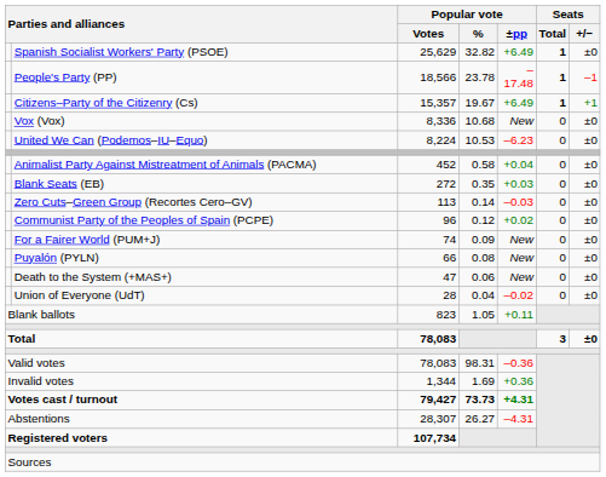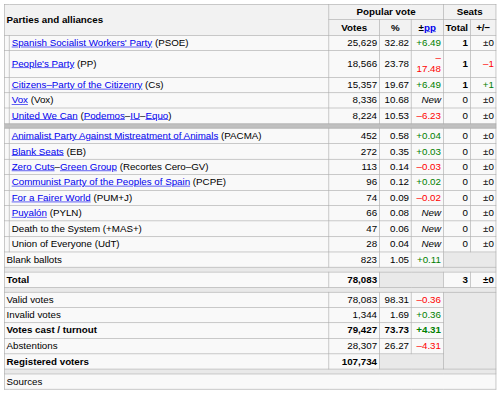 <table class="wikitable" style="text-align:right;">
 <tr>
 <th style="text-align:left;" rowspan="2" colspan="2" width="525">Parties and alliances</th>
 <th colspan="3">Popular vote</th>
 <th colspan="2">Seats</th>
 </tr>
 <tr>
 <th width="75">Votes</th>
 <th width="45">%</th>
 <th width="45">±<a href='#'>pp</a></th>
 <th width="35">Total</th>
 <th width="35">+/−</th>
 </tr>
 <tr>
 <td width="1" style="color:inherit;background:"></td>
 <td align="left"><a href='#'>Spanish Socialist Workers' Party</a> (PSOE)</td>
 <td>25,629</td>
 <td>32.82</td>
 <td style="color:green;">+6.49</td>
 <td><strong>1</strong></td>
 <td>±0</td>
 </tr>
 <tr>
 <td style="color:inherit;background:"></td>
 <td align="left"><a href='#'>People's Party</a> (PP)</td>
 <td>18,566</td>
 <td>23.78</td>
 <td style="color:red;">–17.48</td>
 <td><strong>1</strong></td>
 <td style="color:red;">–1</td>
 </tr>
 <tr>
 <td style="color:inherit;background:"></td>
 <td align="left"><a href='#'>Citizens–Party of the Citizenry</a> (Cs)</td>
 <td>15,357</td>
 <td>19.67</td>
 <td style="color:green;">+6.49</td>
 <td><strong>1</strong></td>
 <td style="color:green;">+1</td>
 </tr>
 <tr>
 <td style="color:inherit;background:"></td>
 <td align="left"><a href='#'>Vox</a> (Vox)</td>
 <td>8,336</td>
 <td>10.68</td>
 <td><em>New</em></td>
 <td>0</td>
 <td>±0</td>
 </tr>
 <tr>
 <td style="color:inherit;background:"></td>
 <td align="left"><a href='#'>United We Can</a> (<a href='#'>Podemos</a>–<a href='#'>IU</a>–<a href='#'>Equo</a>)</td>
 <td>8,224</td>
 <td>10.53</td>
 <td style="color:red;">–6.23</td>
 <td>0</td>
 <td>±0</td>
 </tr>
 <tr>
 <td colspan="7" bgcolor="#C0C0C0"></td>
 </tr>
 <tr>
 <td style="color:inherit;background:"></td>
 <td align="left"><a href='#'>Animalist Party Against Mistreatment of Animals</a> (PACMA)</td>
 <td>452</td>
 <td>0.58</td>
 <td style="color:green;">+0.04</td>
 <td>0</td>
 <td>±0</td>
 </tr>
 <tr>
 <td style="color:inherit;background:"></td>
 <td align="left"><a href='#'>Blank Seats</a> (EB)</td>
 <td>272</td>
 <td>0.35</td>
 <td style="color:green;">+0.03</td>
 <td>0</td>
 <td>±0</td>
 </tr>
 <tr>
 <td style="color:inherit;background:"></td>
 <td align="left"><a href='#'>Zero Cuts</a>–<a href='#'>Green Group</a> (Recortes Cero–GV)</td>
 <td>113</td>
 <td>0.14</td>
 <td style="color:red;">–0.03</td>
 <td>0</td>
 <td>±0</td>
 </tr>
 <tr>
 <td style="color:inherit;background:"></td>
 <td align="left"><a href='#'>Communist Party of the Peoples of Spain</a> (PCPE)</td>
 <td>96</td>
 <td>0.12</td>
 <td style="color:green;">+0.02</td>
 <td>0</td>
 <td>±0</td>
 </tr>
 <tr>
 <td style="color:inherit;background:"></td>
 <td align="left"><a href='#'>For a Fairer World</a> (PUM+J)</td>
 <td>74</td>
 <td>0.09</td>
-<td><em>New</em></td>
+<td style="color:red;">–0.02</td>
 <td>0</td>
 <td>±0</td>
 </tr>
 <tr>
 <td style="color:inherit;background:"></td>
 <td align="left"><a href='#'>Puyalón</a> (PYLN)</td>
 <td>66</td>
 <td>0.08</td>
 <td><em>New</em></td>
 <td>0</td>
 <td>±0</td>
 </tr>
 <tr>
 <td style="color:inherit;background:"></td>
 <td align="left">Death to the System (+MAS+)</td>
 <td>47</td>
 <td>0.06</td>
 <td><em>New</em></td>
 <td>0</td>
 <td>±0</td>
 </tr>
 <tr>
 <td style="color:inherit;background:"></td>
 <td align="left">Union of Everyone (UdT)</td>
 <td>28</td>
 <td>0.04</td>
-<td style="color:red;">–0.02</td>
+<td><em>New</em></td>
 <td>0</td>
 <td>±0</td>
 </tr>
 <tr>
 <td align="left" colspan="2">Blank ballots</td>
 <td>823</td>
 <td>1.05</td>
 <td style="color:green;">+0.11</td>
 <td bgcolor="#E9E9E9" colspan="2"></td>
 </tr>
 <tr>
 <td colspan="7" bgcolor="#E9E9E9"></td>
 </tr>
 <tr style="font-weight:bold;">
 <td align="left" colspan="2">Total</td>
 <td>78,083</td>
 <td bgcolor="#E9E9E9" colspan="2"></td>
 <td>3</td>
 <td>±0</td>
 </tr>
 <tr>
 <td colspan="7" bgcolor="#E9E9E9"></td>
 </tr>
 <tr>
 <td align="left" colspan="2">Valid votes</td>
 <td>78,083</td>
 <td>98.31</td>
 <td style="color:red;">–0.36</td>
 <td bgcolor="#E9E9E9" colspan="2" rowspan="5"></td>
 </tr>
 <tr>
 <td align="left" colspan="2">Invalid votes</td>
 <td>1,344</td>
 <td>1.69</td>
 <td style="color:green;">+0.36</td>
 </tr>
 <tr style="font-weight:bold;">
 <td align="left" colspan="2">Votes cast / turnout</td>
 <td>79,427</td>
 <td>73.73</td>
 <td style="color:green;">+4.31</td>
 </tr>
 <tr>
 <td align="left" colspan="2">Abstentions</td>
 <td>28,307</td>
 <td>26.27</td>
 <td style="color:red;">–4.31</td>
 </tr>
 <tr style="font-weight:bold;">
 <td align="left" colspan="2">Registered voters</td>
 <td>107,734</td>
 <td bgcolor="#E9E9E9" colspan="2"></td>
 </tr>
 <tr>
 <td colspan="7" bgcolor="#E9E9E9"></td>
 </tr>
 <tr>
 <td align="left" colspan="7">Sources</td>
 </tr>
 </table>
